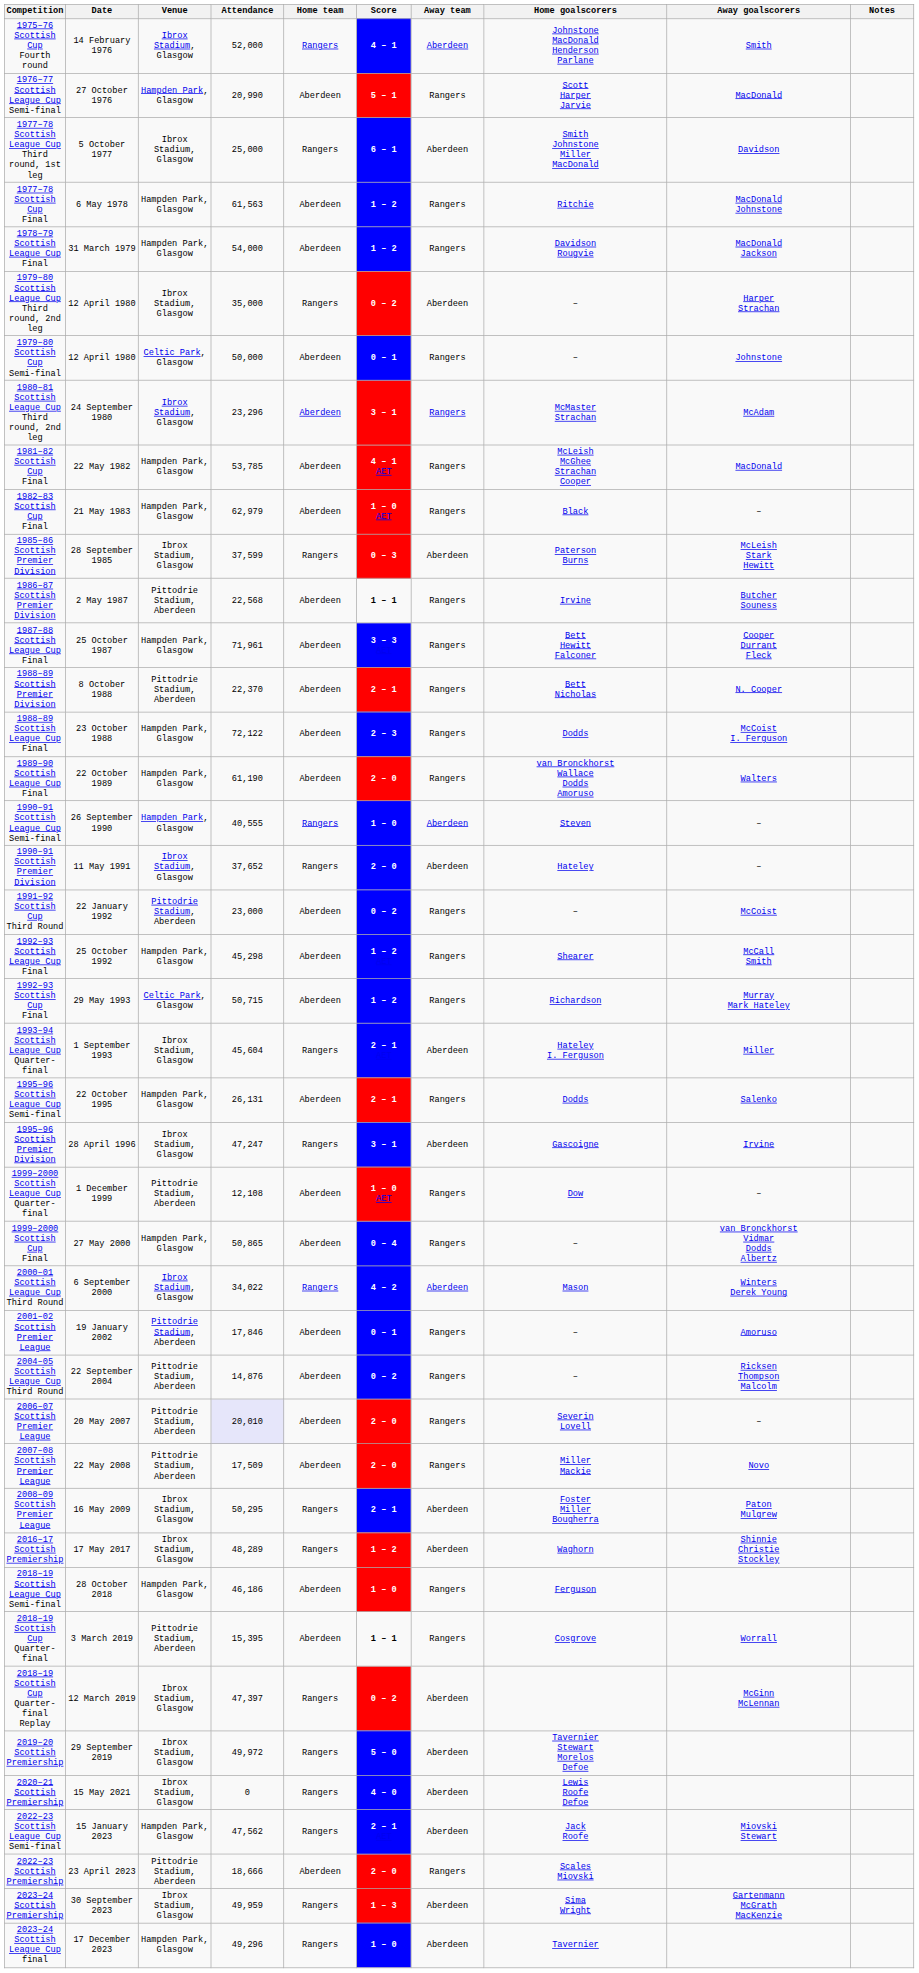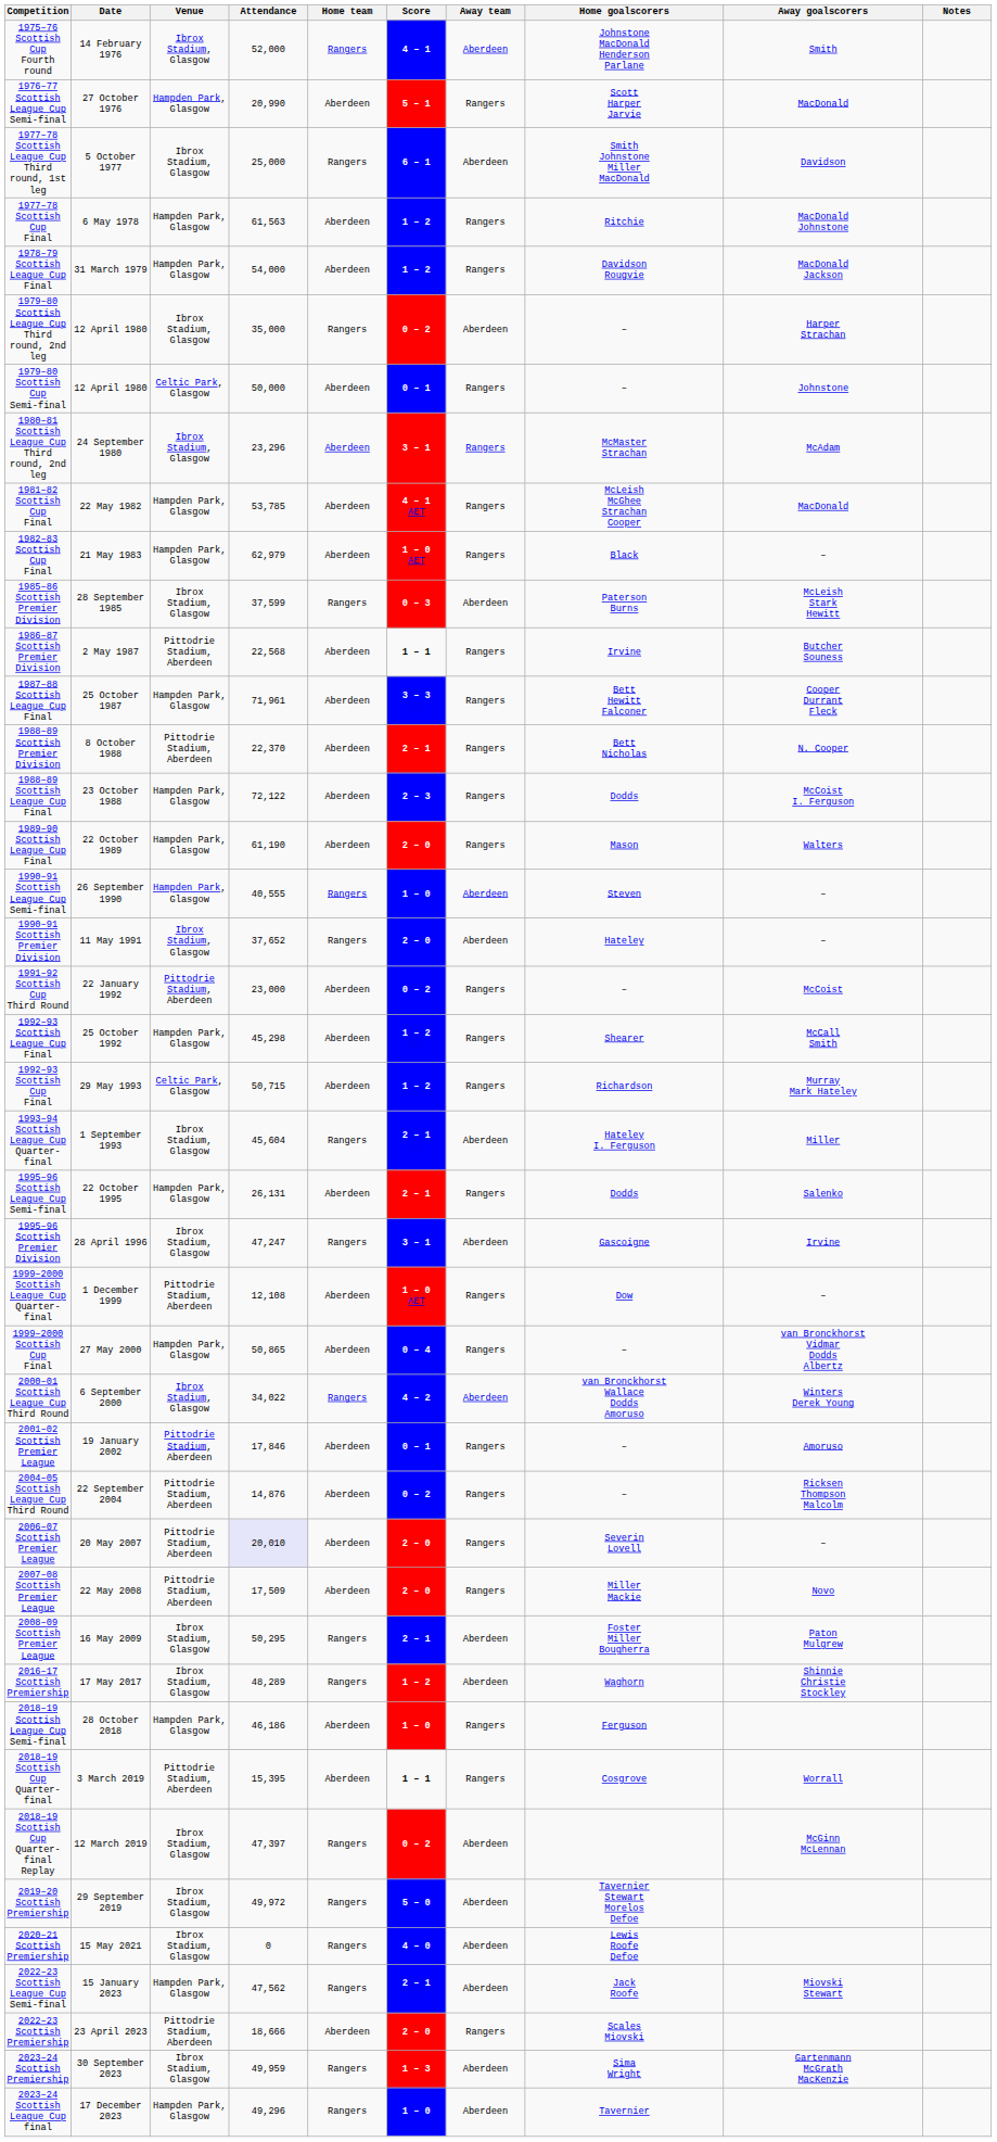 <table class="wikitable" style="width:100%; text-align: center; font-size: 12px">
 <tr>
 <th style="width:6%;">Competition</th>
 <th style="width:8%;">Date</th>
 <th style="width:8%;">Venue</th>
 <th style="width:8%;">Attendance</th>
 <th style="width:8%;">Home team</th>
 <th style="width:6%;">Score</th>
 <th style="width:8%;">Away team</th>
 <th>Home goalscorers</th>
 <th>Away goalscorers</th>
 <th>Notes</th>
 </tr>
 <tr>
 <td><a href='#'>1975–76 Scottish Cup</a><br>Fourth round</td>
 <td>14 February 1976</td>
 <td><a href='#'>Ibrox Stadium</a>, Glasgow</td>
 <td>52,000</td>
 <td><a href='#'>Rangers</a></td>
 <td style="text-align:center; color:#FFFFFF; background:#0000FF;"><strong>4 – 1</strong></td>
 <td><a href='#'>Aberdeen</a></td>
 <td><a href='#'>Johnstone</a> <br> <a href='#'>MacDonald</a> <br> <a href='#'>Henderson</a> <br> <a href='#'>Parlane</a> </td>
 <td><a href='#'>Smith</a> </td>
 <td></td>
 </tr>
 <tr>
 <td><a href='#'>1976–77 Scottish League Cup</a><br>Semi-final</td>
 <td>27 October 1976</td>
 <td><a href='#'>Hampden Park</a>, Glasgow</td>
 <td>20,990</td>
 <td>Aberdeen</td>
 <td style="text-align:center; color:#FFFFFF; background:#FF0000;"><strong>5 – 1</strong></td>
 <td>Rangers</td>
 <td><a href='#'>Scott</a>    <br> <a href='#'>Harper</a>  <br> <a href='#'>Jarvie</a> </td>
 <td><a href='#'>MacDonald</a> </td>
 <td></td>
 </tr>
 <tr>
 <td><a href='#'>1977–78 Scottish League Cup</a><br>Third round, 1st leg</td>
 <td>5 October 1977</td>
 <td>Ibrox Stadium, Glasgow</td>
 <td>25,000</td>
 <td>Rangers</td>
 <td style="text-align:center; color:#FFFFFF; background:#0000FF;"><strong>6 – 1</strong></td>
 <td>Aberdeen</td>
 <td><a href='#'>Smith</a>   <br><a href='#'>Johnstone</a> <br><a href='#'>Miller</a> <br><a href='#'>MacDonald</a> </td>
 <td><a href='#'>Davidson</a> </td>
 <td></td>
 </tr>
 <tr>
 <td><a href='#'>1977–78 Scottish Cup</a><br>Final</td>
 <td>6 May 1978</td>
 <td>Hampden Park, Glasgow</td>
 <td>61,563</td>
 <td>Aberdeen</td>
 <td style="text-align:center; color:#FFFFFF; background:#0000FF;"><strong>1 – 2</strong></td>
 <td>Rangers</td>
 <td><a href='#'>Ritchie</a> </td>
 <td><a href='#'>MacDonald</a> <br> <a href='#'>Johnstone</a> </td>
 <td></td>
 </tr>
 <tr>
 <td><a href='#'>1978–79 Scottish League Cup</a><br>Final</td>
 <td>31 March 1979</td>
 <td>Hampden Park, Glasgow</td>
 <td>54,000</td>
 <td>Aberdeen</td>
 <td style="text-align:center; color:#FFFFFF; background:#0000FF;"><strong>1 – 2</strong></td>
 <td>Rangers</td>
 <td><a href='#'>Davidson</a> <br><a href='#'>Rougvie</a> </td>
 <td><a href='#'>MacDonald</a> <br><a href='#'>Jackson</a> </td>
 <td></td>
 </tr>
 <tr>
 <td><a href='#'>1979–80 Scottish League Cup</a><br>Third round, 2nd leg</td>
 <td>12 April 1980</td>
 <td>Ibrox Stadium, Glasgow</td>
 <td>35,000</td>
 <td>Rangers</td>
 <td style="text-align:center; color:#FFFFFF; background:#FF0000;"><strong>0 – 2</strong></td>
 <td>Aberdeen</td>
 <td>–</td>
 <td><a href='#'>Harper</a>  <br> <a href='#'>Strachan</a> </td>
 <td></td>
 </tr>
 <tr>
 <td><a href='#'>1979–80 Scottish Cup</a><br>Semi-final</td>
 <td>12 April 1980</td>
 <td><a href='#'>Celtic Park</a>, Glasgow</td>
 <td>50,000</td>
 <td>Aberdeen</td>
 <td style="text-align:center; color:#FFFFFF; background:#0000FF;"><strong>0 – 1</strong></td>
 <td>Rangers</td>
 <td>–</td>
 <td><a href='#'>Johnstone</a> </td>
 <td></td>
 </tr>
 <tr>
 <td><a href='#'>1980–81 Scottish League Cup</a><br>Third round, 2nd leg</td>
 <td>24 September 1980</td>
 <td><a href='#'>Ibrox Stadium</a>, Glasgow</td>
 <td>23,296</td>
 <td><a href='#'>Aberdeen</a></td>
 <td style="text-align:center; color:#FFFFFF; background:#FF0000;"><strong>3 – 1</strong></td>
 <td><a href='#'>Rangers</a></td>
 <td><a href='#'>McMaster</a> <br><a href='#'>Strachan</a>  </td>
 <td><a href='#'>McAdam</a> </td>
 <td></td>
 </tr>
 <tr>
 <td><a href='#'>1981–82 Scottish Cup</a><br>Final</td>
 <td>22 May 1982</td>
 <td>Hampden Park, Glasgow</td>
 <td>53,785</td>
 <td>Aberdeen</td>
 <td style="text-align:center; color:#FFFFFF; background:#FF0000;"><strong>4 – 1</strong><br><a href='#'>AET</a></td>
 <td>Rangers</td>
 <td><a href='#'>McLeish</a> <br> <a href='#'>McGhee</a> <br> <a href='#'>Strachan</a> <br> <a href='#'>Cooper</a> </td>
 <td><a href='#'>MacDonald</a> </td>
 <td></td>
 </tr>
 <tr>
 <td><a href='#'>1982–83 Scottish Cup</a><br>Final</td>
 <td>21 May 1983</td>
 <td>Hampden Park, Glasgow</td>
 <td>62,979</td>
 <td>Aberdeen</td>
 <td style="text-align:center; color:#FFFFFF; background:#FF0000;"><strong>1 – 0</strong><br><a href='#'>AET</a></td>
 <td>Rangers</td>
 <td><a href='#'>Black</a> </td>
 <td>–</td>
 <td></td>
 </tr>
 <tr>
 <td><a href='#'>1985–86 Scottish Premier Division</a></td>
 <td>28 September 1985</td>
 <td>Ibrox Stadium, Glasgow</td>
 <td>37,599</td>
 <td>Rangers</td>
 <td style="text-align:center; color:#FFFFFF; background:#FF0000;"><strong>0 – 3</strong></td>
 <td>Aberdeen</td>
 <td><a href='#'>Paterson</a> <br><a href='#'>Burns</a> </td>
 <td><a href='#'>McLeish</a> <br><a href='#'>Stark</a> <br><a href='#'>Hewitt</a> </td>
 <td></td>
 </tr>
 <tr>
 <td><a href='#'>1986–87 Scottish Premier Division</a></td>
 <td>2 May 1987</td>
 <td>Pittodrie Stadium, Aberdeen</td>
 <td>22,568</td>
 <td>Aberdeen</td>
 <td><strong>1 – 1</strong></td>
 <td>Rangers</td>
 <td><a href='#'>Irvine</a> </td>
 <td><a href='#'>Butcher</a> <br><a href='#'>Souness</a> </td>
 <td></td>
 </tr>
 <tr>
 <td><a href='#'>1987–88 Scottish League Cup</a><br>Final</td>
 <td>25 October 1987</td>
 <td>Hampden Park, Glasgow</td>
 <td>71,961</td>
 <td>Aberdeen</td>
 <td style="text-align:center; color:#FFFFFF; background:#0000FF;"><strong>3 – 3</strong><br><a href='#'>AET</a></td>
 <td>Rangers</td>
 <td><a href='#'>Bett</a> <br> <a href='#'>Hewitt</a>  <br> <a href='#'>Falconer</a> </td>
 <td><a href='#'>Cooper</a>  <br> <a href='#'>Durrant</a> <br><a href='#'>Fleck</a> </td>
 <td></td>
 </tr>
 <tr>
 <td><a href='#'>1988–89 Scottish Premier Division</a></td>
 <td>8 October 1988</td>
 <td>Pittodrie Stadium, Aberdeen</td>
 <td>22,370</td>
 <td>Aberdeen</td>
 <td style="text-align:center; color:#FFFFFF; background:#FF0000;"><strong>2 – 1</strong></td>
 <td>Rangers</td>
 <td><a href='#'>Bett</a> <br> <a href='#'>Nicholas</a> </td>
 <td><a href='#'>N. Cooper</a> </td>
 <td></td>
 </tr>
 <tr>
 <td><a href='#'>1988–89 Scottish League Cup</a><br>Final</td>
 <td>23 October 1988</td>
 <td>Hampden Park, Glasgow</td>
 <td>72,122</td>
 <td>Aberdeen</td>
 <td style="text-align:center; color:#FFFFFF; background:#0000FF;"><strong>2 – 3</strong></td>
 <td>Rangers</td>
 <td><a href='#'>Dodds</a>  </td>
 <td><a href='#'>McCoist</a>   <br> <a href='#'>I. Ferguson</a> </td>
 <td></td>
 </tr>
 <tr>
 <td><a href='#'>1989–90 Scottish League Cup</a><br>Final</td>
 <td>22 October 1989</td>
 <td>Hampden Park, Glasgow</td>
 <td>61,190</td>
 <td>Aberdeen</td>
 <td style="text-align:center; color:#FFFFFF; background:#FF0000;"><strong>2 – 0</strong></td>
 <td>Rangers</td>
-<td><a href='#'>van Bronckhorst</a>  <br> <a href='#'>Wallace</a>  <br> <a href='#'>Dodds</a>  <br> <a href='#'>Amoruso</a> </td>
+<td><a href='#'>Mason</a>  </td>
 <td><a href='#'>Walters</a> </td>
 <td></td>
 </tr>
 <tr>
 <td><a href='#'>1990–91 Scottish League Cup</a><br>Semi-final</td>
 <td>26 September 1990</td>
 <td><a href='#'>Hampden Park</a>, Glasgow</td>
 <td>40,555</td>
 <td><a href='#'>Rangers</a></td>
 <td style="text-align:center; color:#FFFFFF; background:#0000FF;"><strong>1 – 0</strong></td>
 <td><a href='#'>Aberdeen</a></td>
 <td><a href='#'>Steven</a> </td>
 <td>–</td>
 <td></td>
 </tr>
 <tr>
 <td><a href='#'>1990–91 Scottish Premier Division</a></td>
 <td>11 May 1991</td>
 <td><a href='#'>Ibrox Stadium</a>, Glasgow</td>
 <td>37,652</td>
 <td>Rangers</td>
 <td style="text-align:center; color:#FFFFFF; background:#0000FF;"><strong>2 – 0</strong></td>
 <td>Aberdeen</td>
 <td><a href='#'>Hateley</a>  </td>
 <td>–</td>
 <td></td>
 </tr>
 <tr>
 <td><a href='#'>1991–92 Scottish Cup</a><br>Third Round</td>
 <td>22 January 1992</td>
 <td><a href='#'>Pittodrie Stadium</a>, Aberdeen</td>
 <td>23,000</td>
 <td>Aberdeen</td>
 <td style="text-align:center; color:#FFFFFF; background:#0000FF;"><strong>0 – 2</strong></td>
 <td>Rangers</td>
 <td>–</td>
 <td><a href='#'>McCoist</a> </td>
 <td></td>
 </tr>
 <tr>
 <td><a href='#'>1992–93 Scottish League Cup</a><br>Final</td>
 <td>25 October 1992</td>
 <td>Hampden Park, Glasgow</td>
 <td>45,298</td>
 <td>Aberdeen</td>
 <td style="text-align:center; color:#FFFFFF; background:#0000FF;"><strong>1 – 2</strong><br><a href='#'>AET</a></td>
 <td>Rangers</td>
 <td><a href='#'>Shearer</a> </td>
 <td><a href='#'>McCall</a>  <br><a href='#'>Smith</a> </td>
 <td></td>
 </tr>
 <tr>
 <td><a href='#'>1992–93 Scottish Cup</a><br>Final</td>
 <td>29 May 1993</td>
 <td><a href='#'>Celtic Park</a>, Glasgow</td>
 <td>50,715</td>
 <td>Aberdeen</td>
 <td style="text-align:center; color:#FFFFFF; background:#0000FF;"><strong>1 – 2</strong></td>
 <td>Rangers</td>
 <td><a href='#'>Richardson</a> </td>
 <td><a href='#'>Murray</a> <br><a href='#'>Mark Hateley</a> </td>
 <td></td>
 </tr>
 <tr>
 <td><a href='#'>1993–94 Scottish League Cup</a><br>Quarter-final</td>
 <td>1 September 1993</td>
 <td>Ibrox Stadium, Glasgow</td>
 <td>45,604</td>
 <td>Rangers</td>
 <td style="text-align:center; color:#FFFFFF; background:#0000FF;"><strong>2 – 1</strong><br><a href='#'>AET</a></td>
 <td>Aberdeen</td>
 <td><a href='#'>Hateley</a> <br><a href='#'>I. Ferguson</a> </td>
 <td><a href='#'>Miller</a> </td>
 <td></td>
 </tr>
 <tr>
 <td><a href='#'>1995–96 Scottish League Cup</a><br>Semi-final</td>
 <td>22 October 1995</td>
 <td>Hampden Park, Glasgow</td>
 <td>26,131</td>
 <td>Aberdeen</td>
 <td style="text-align:center; color:#FFFFFF; background:#FF0000;"><strong>2 – 1</strong></td>
 <td>Rangers</td>
 <td><a href='#'>Dodds</a>  </td>
 <td><a href='#'>Salenko</a> </td>
 <td></td>
 </tr>
 <tr>
 <td><a href='#'>1995–96 Scottish Premier Division</a></td>
 <td>28 April 1996</td>
 <td>Ibrox Stadium, Glasgow</td>
 <td>47,247</td>
 <td>Rangers</td>
 <td style="text-align:center; color:#FFFFFF; background:#0000FF;"><strong>3 – 1</strong></td>
 <td>Aberdeen</td>
 <td><a href='#'>Gascoigne</a>   </td>
 <td><a href='#'>Irvine</a> </td>
 <td></td>
 </tr>
 <tr>
 <td><a href='#'>1999–2000 Scottish League Cup</a><br>Quarter-final</td>
 <td>1 December 1999</td>
 <td>Pittodrie Stadium, Aberdeen</td>
 <td>12,108</td>
 <td>Aberdeen</td>
 <td style="text-align:center; color:#FFFFFF; background:#FF0000;"><strong>1 – 0</strong><br><a href='#'>AET</a></td>
 <td>Rangers</td>
 <td><a href='#'>Dow</a> </td>
 <td>–</td>
 <td></td>
 </tr>
 <tr>
 <td><a href='#'>1999–2000 Scottish Cup</a><br>Final</td>
 <td>27 May 2000</td>
 <td>Hampden Park, Glasgow</td>
 <td>50,865</td>
 <td>Aberdeen</td>
 <td style="text-align:center; color:#FFFFFF; background:#0000FF;"><strong>0 – 4</strong></td>
 <td>Rangers</td>
 <td>–</td>
 <td><a href='#'>van Bronckhorst</a>  <br> <a href='#'>Vidmar</a> <br> <a href='#'>Dodds</a>  <br> <a href='#'>Albertz</a> </td>
 <td></td>
 </tr>
 <tr>
 <td><a href='#'>2000–01 Scottish League Cup</a><br>Third Round</td>
 <td>6 September 2000</td>
 <td><a href='#'>Ibrox Stadium</a>, Glasgow</td>
 <td>34,022</td>
 <td><a href='#'>Rangers</a></td>
 <td style="text-align:center; color:#FFFFFF; background:#0000FF;"><strong>4 – 2</strong></td>
 <td><a href='#'>Aberdeen</a></td>
-<td><a href='#'>Mason</a>  </td>
+<td><a href='#'>van Bronckhorst</a>  <br> <a href='#'>Wallace</a>  <br> <a href='#'>Dodds</a>  <br> <a href='#'>Amoruso</a> </td>
 <td><a href='#'>Winters</a> <br> <a href='#'>Derek Young</a> </td>
 <td></td>
 </tr>
 <tr>
 <td><a href='#'>2001–02 Scottish Premier League</a></td>
 <td>19 January 2002</td>
 <td><a href='#'>Pittodrie Stadium</a>, Aberdeen</td>
 <td>17,846</td>
 <td>Aberdeen</td>
 <td style="text-align:center; color:#FFFFFF; background:#0000FF;"><strong>0 – 1</strong></td>
 <td>Rangers</td>
 <td>–</td>
 <td><a href='#'>Amoruso</a> </td>
 <td></td>
 </tr>
 <tr>
 <td><a href='#'>2004–05 Scottish League Cup</a><br>Third Round</td>
 <td>22 September 2004</td>
 <td>Pittodrie Stadium, Aberdeen</td>
 <td>14,876</td>
 <td>Aberdeen</td>
 <td style="text-align:center; color:#FFFFFF; background:#0000FF;"><strong>0 – 2</strong></td>
 <td>Rangers</td>
 <td>–</td>
 <td><a href='#'>Ricksen</a> <br><a href='#'>Thompson</a> <br><a href='#'>Malcolm</a> </td>
 <td></td>
 </tr>
 <tr>
 <td><a href='#'>2006–07 Scottish Premier League</a></td>
 <td>20 May 2007</td>
 <td>Pittodrie Stadium, Aberdeen</td>
 <td style="background: lavender;">20,010</td>
 <td>Aberdeen</td>
 <td style="text-align:center; color:#FFFFFF; background:#FF0000;"><strong>2 – 0</strong></td>
 <td>Rangers</td>
 <td><a href='#'>Severin</a> <br><a href='#'>Lovell</a> </td>
 <td>–</td>
 <td></td>
 </tr>
 <tr>
 <td><a href='#'>2007–08 Scottish Premier League</a></td>
 <td>22 May 2008</td>
 <td>Pittodrie Stadium, Aberdeen</td>
 <td>17,509</td>
 <td>Aberdeen</td>
 <td style="text-align:center; color:#FFFFFF; background:#FF0000;"><strong>2 – 0</strong></td>
 <td>Rangers</td>
 <td><a href='#'>Miller</a> <br><a href='#'>Mackie</a> </td>
 <td><a href='#'>Novo</a> </td>
 <td></td>
 </tr>
 <tr>
 <td><a href='#'>2008–09 Scottish Premier League</a></td>
 <td>16 May 2009</td>
 <td>Ibrox Stadium, Glasgow</td>
 <td>50,295</td>
 <td>Rangers</td>
 <td style="text-align:center; color:#FFFFFF; background:#0000FF;"><strong>2 – 1</strong></td>
 <td>Aberdeen</td>
 <td><a href='#'>Foster</a> <br><a href='#'>Miller</a> <br><a href='#'>Bougherra</a> </td>
 <td><a href='#'>Paton</a> <br><a href='#'>Mulgrew</a> </td>
 <td></td>
 </tr>
 <tr>
 <td><a href='#'>2016–17 Scottish Premiership</a></td>
 <td>17 May 2017</td>
 <td>Ibrox Stadium, Glasgow</td>
 <td>48,289</td>
 <td>Rangers</td>
 <td style="text-align:center; color:#FFFFFF; background:#FF0000;"><strong>1 – 2</strong></td>
 <td>Aberdeen</td>
 <td><a href='#'>Waghorn</a> </td>
 <td><a href='#'>Shinnie</a> <br><a href='#'>Christie</a> <br><a href='#'>Stockley</a> </td>
 <td></td>
 </tr>
 <tr>
 <td><a href='#'>2018–19 Scottish League Cup</a><br>Semi-final</td>
 <td>28 October 2018</td>
 <td>Hampden Park, Glasgow</td>
 <td>46,186</td>
 <td>Aberdeen</td>
 <td style="text-align:center; color:#FFFFFF; background:#FF0000;"><strong>1 – 0</strong></td>
 <td>Rangers</td>
 <td><a href='#'>Ferguson</a> </td>
 <td></td>
 <td></td>
 </tr>
 <tr>
 <td><a href='#'>2018–19 Scottish Cup</a><br>Quarter-final</td>
 <td>3 March 2019</td>
 <td>Pittodrie Stadium, Aberdeen</td>
 <td>15,395</td>
 <td>Aberdeen</td>
 <td style="text-align:center;"><strong>1 – 1</strong></td>
 <td>Rangers</td>
 <td><a href='#'>Cosgrove</a> </td>
 <td><a href='#'>Worrall</a> </td>
 <td></td>
 </tr>
 <tr>
 <td><a href='#'>2018–19 Scottish Cup</a><br>Quarter-final Replay</td>
 <td>12 March 2019</td>
 <td>Ibrox Stadium, Glasgow</td>
 <td>47,397</td>
 <td>Rangers</td>
 <td style="text-align:center; color:#FFFFFF; background:#FF0000;"><strong>0 – 2</strong></td>
 <td>Aberdeen</td>
 <td></td>
 <td><a href='#'>McGinn</a> <br><a href='#'>McLennan</a> </td>
 <td></td>
 </tr>
 <tr>
 <td><a href='#'>2019–20 Scottish Premiership</a></td>
 <td>29 September 2019</td>
 <td>Ibrox Stadium, Glasgow</td>
 <td>49,972</td>
 <td>Rangers</td>
 <td style="text-align:center; color:#FFFFFF; background:#0000FF;"><strong>5 – 0</strong></td>
 <td>Aberdeen</td>
 <td><a href='#'>Tavernier</a> <br><a href='#'>Stewart</a> <br><a href='#'>Morelos</a> <br><a href='#'>Defoe</a> </td>
 <td></td>
 <td></td>
 </tr>
 <tr>
 <td><a href='#'>2020–21 Scottish Premiership</a></td>
 <td>15 May 2021</td>
 <td>Ibrox Stadium, Glasgow</td>
 <td>0</td>
 <td>Rangers</td>
 <td style="text-align:center; color:#FFFFFF; background:#0000FF;"><strong>4 – 0</strong></td>
 <td>Aberdeen</td>
 <td><a href='#'>Lewis</a> <br><a href='#'>Roofe</a> <br><a href='#'>Defoe</a> </td>
 <td></td>
 <td></td>
 </tr>
 <tr>
 <td><a href='#'>2022–23 Scottish League Cup</a><br>Semi-final</td>
 <td>15 January 2023</td>
 <td>Hampden Park, Glasgow</td>
 <td>47,562</td>
 <td>Rangers</td>
 <td style="text-align:center; color:#FFFFFF; background:#0000FF;"><strong>2 – 1</strong><br><a href='#'>AET</a></td>
 <td>Aberdeen</td>
 <td><a href='#'>Jack</a> <br><a href='#'>Roofe</a> </td>
 <td><a href='#'>Miovski</a> <br><a href='#'>Stewart</a> </td>
 <td></td>
 </tr>
 <tr>
 <td><a href='#'>2022–23 Scottish Premiership</a></td>
 <td>23 April 2023</td>
 <td>Pittodrie Stadium, Aberdeen</td>
 <td>18,666</td>
 <td>Aberdeen</td>
 <td style="text-align:center; color:#FFFFFF; background:#FF0000;"><strong>2 – 0</strong></td>
 <td>Rangers</td>
 <td><a href='#'>Scales</a> <br><a href='#'>Miovski</a> </td>
 <td></td>
 <td></td>
 </tr>
 <tr>
 <td><a href='#'>2023–24 Scottish Premiership</a></td>
 <td>30 September 2023</td>
 <td>Ibrox Stadium, Glasgow</td>
 <td>49,959</td>
 <td>Rangers</td>
 <td style="text-align:center; color:#FFFFFF; background:#FF0000;"><strong>1 – 3</strong></td>
 <td>Aberdeen</td>
 <td><a href='#'>Sima</a> <br><a href='#'>Wright</a> </td>
 <td><a href='#'>Gartenmann</a> <br><a href='#'>McGrath</a> <br><a href='#'>MacKenzie</a> </td>
 <td></td>
 </tr>
 <tr>
 <td><a href='#'>2023–24 Scottish League Cup</a><br>final</td>
 <td>17 December 2023</td>
 <td>Hampden Park, Glasgow</td>
 <td>49,296</td>
 <td>Rangers</td>
 <td style="text-align:center; color:#FFFFFF; background:#0000FF;"><strong>1 – 0</strong></td>
 <td>Aberdeen</td>
 <td><a href='#'>Tavernier</a> </td>
 <td></td>
 <td></td>
 </tr>
 </table>
